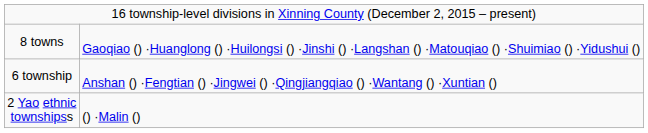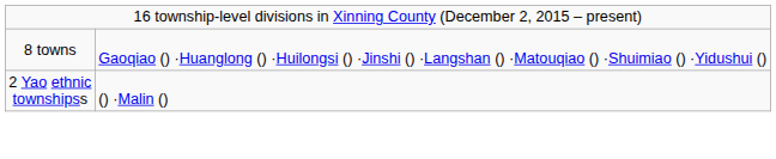 <table class="wikitable">
 <tr>
 <td style="text-align:center;" colspan="2">16 township-level divisions in <a href='#'>Xinning County</a> (December 2, 2015 – present)</td>
 </tr>
 <tr align=left>
 <td align=center>8 towns</td>
 <td><br><a href='#'>Gaoqiao</a> () ·<a href='#'>Huanglong</a> () ·<a href='#'>Huilongsi</a> () ·<a href='#'>Jinshi</a> () ·<a href='#'>Langshan</a> () ·<a href='#'>Matouqiao</a> () ·<a href='#'>Shuimiao</a> () ·<a href='#'>Yidushui</a> ()</td>
 </tr>
 <tr align=left>
-<td align=center>6 township</td>
-<td><br><a href='#'>Anshan</a> () ·<a href='#'>Fengtian</a> () ·<a href='#'>Jingwei</a> () ·<a href='#'>Qingjiangqiao</a> () ·<a href='#'>Wantang</a> () ·<a href='#'>Xuntian</a> ()</td>
-</tr>
-<tr align=left>
 <td align=center>2 <a href='#'>Yao</a> <a href='#'>ethnic <br>townships</a>s</td>
 <td><br> () ·<a href='#'>Malin</a> ()</td>
 </tr>
 </table>
